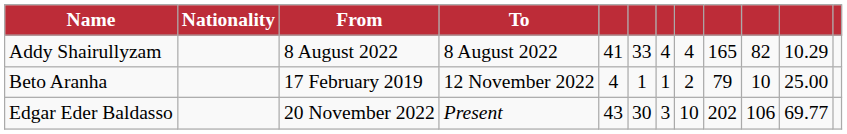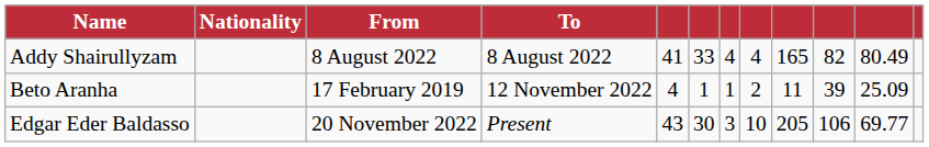 <table class="wikitable sortable" style="text-align:center;">
 <tr>
 <th style="background-color:#bd2c38; color:white;">Name</th>
 <th style="background-color:#bd2c38; color:white;">Nationality</th>
 <th style="background-color:#bd2c38; color:white;">From</th>
 <th style="background-color:#bd2c38; color:white;">To</th>
 <th style="background-color:#bd2c38; color:white;"></th>
 <th style="background-color:#bd2c38; color:white;"></th>
 <th style="background-color:#bd2c38; color:white;"></th>
 <th style="background-color:#bd2c38; color:white;"></th>
 <th style="background-color:#bd2c38; color:white;"></th>
 <th style="background-color:#bd2c38; color:white;"></th>
 <th style="background-color:#bd2c38; color:white;"></th>
 <th style="background-color:#bd2c38; color:white;"></th>
 </tr>
 <tr>
 <td align=left>Addy Shairullyzam</td>
 <td align=left></td>
 <td align=left>8 August 2022</td>
 <td align=left>8 August 2022</td>
 <td>41</td>
 <td>33</td>
 <td>4</td>
 <td>4</td>
 <td>165</td>
 <td>82</td>
-<td>10.29</td>
+<td>80.49</td>
 <td></td>
 </tr>
 <tr>
 <td align=left>Beto Aranha</td>
 <td align=left></td>
 <td align=left>17 February 2019</td>
 <td align=left>12 November 2022</td>
 <td>4</td>
 <td>1</td>
 <td>1</td>
 <td>2</td>
-<td>79</td>
-<td>10</td>
-<td>25.00</td>
+<td>11</td>
+<td>39</td>
+<td>25.09</td>
 <td></td>
 </tr>
 <tr>
 <td align=left>Edgar Eder Baldasso</td>
 <td align=left></td>
 <td align=left>20 November 2022</td>
 <td align=left><em>Present</em></td>
 <td>43</td>
 <td>30</td>
 <td>3</td>
 <td>10</td>
-<td>202</td>
+<td>205</td>
 <td>106</td>
 <td>69.77</td>
 <td></td>
 </tr>
 </table>
